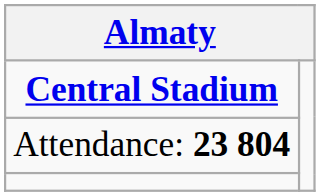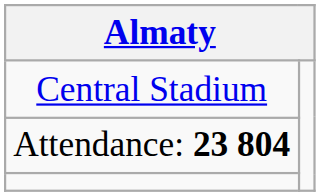 <table class="wikitable" style="text-align:center;">
 <tr>
 <th colspan=2 align="center"><a href='#'>Almaty</a></th>
 </tr>
 <tr>
-<td><strong><a href='#'>Central Stadium</a></strong></td>
+<td><a href='#'>Central Stadium</a></td>
 <td rowspan=3 align="center"></td>
 </tr>
 <tr>
 <td>Attendance: <strong>23 804</strong></td>
 </tr>
 <tr>
 <td></td>
 </tr>
 </table>
